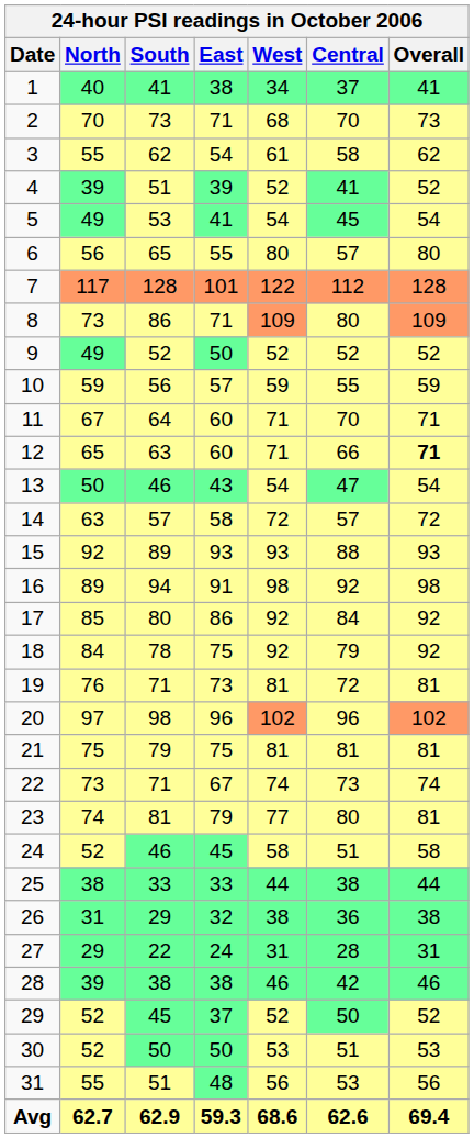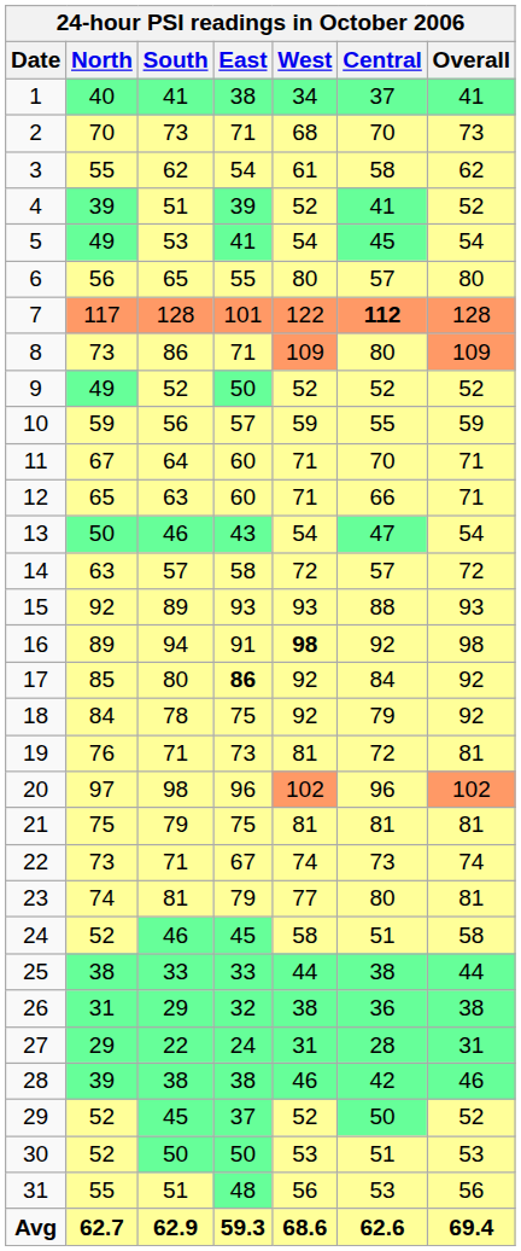 <table class="wikitable">
 <tr>
 <th colspan=7>24-hour PSI readings in October 2006</th>
 </tr>
 <tr>
 <th>Date</th>
 <th><a href='#'>North</a></th>
 <th><a href='#'>South</a></th>
 <th><a href='#'>East</a></th>
 <th><a href='#'>West</a></th>
 <th><a href='#'>Central</a></th>
 <th>Overall</th>
 </tr>
 <tr>
 <td align=center>1</td>
 <td style="text-align:center; background:#6f9;">40</td>
 <td style="text-align:center; background:#6f9;">41</td>
 <td style="text-align:center; background:#6f9;">38</td>
 <td style="text-align:center; background:#6f9;">34</td>
 <td style="text-align:center; background:#6f9;">37</td>
 <td style="text-align:center; background:#6f9;">41</td>
 </tr>
 <tr>
 <td align=center>2</td>
 <td style="text-align:center; background:#ff9;">70</td>
 <td style="text-align:center; background:#ff9;">73</td>
 <td style="text-align:center; background:#ff9;">71</td>
 <td style="text-align:center; background:#ff9;">68</td>
 <td style="text-align:center; background:#ff9;">70</td>
 <td style="text-align:center; background:#ff9;">73</td>
 </tr>
 <tr>
 <td align=center>3</td>
 <td style="text-align:center; background:#ff9;">55</td>
 <td style="text-align:center; background:#ff9;">62</td>
 <td style="text-align:center; background:#ff9;">54</td>
 <td style="text-align:center; background:#ff9;">61</td>
 <td style="text-align:center; background:#ff9;">58</td>
 <td style="text-align:center; background:#ff9;">62</td>
 </tr>
 <tr>
 <td align=center>4</td>
 <td style="text-align:center; background:#6f9;">39</td>
 <td style="text-align:center; background:#ff9;">51</td>
 <td style="text-align:center; background:#6f9;">39</td>
 <td style="text-align:center; background:#ff9;">52</td>
 <td style="text-align:center; background:#6f9;">41</td>
 <td style="text-align:center; background:#ff9;">52</td>
 </tr>
 <tr>
 <td align=center>5</td>
 <td style="text-align:center; background:#6f9;">49</td>
 <td style="text-align:center; background:#ff9;">53</td>
 <td style="text-align:center; background:#6f9;">41</td>
 <td style="text-align:center; background:#ff9;">54</td>
 <td style="text-align:center; background:#6f9;">45</td>
 <td style="text-align:center; background:#ff9;">54</td>
 </tr>
 <tr>
 <td align=center>6</td>
 <td style="text-align:center; background:#ff9;">56</td>
 <td style="text-align:center; background:#ff9;">65</td>
 <td style="text-align:center; background:#ff9;">55</td>
 <td style="text-align:center; background:#ff9;">80</td>
 <td style="text-align:center; background:#ff9;">57</td>
 <td style="text-align:center; background:#ff9;">80</td>
 </tr>
 <tr>
 <td align=center>7</td>
 <td style="text-align:center; background:#f96;">117</td>
 <td style="text-align:center; background:#f96;">128</td>
 <td style="text-align:center; background:#f96;">101</td>
 <td style="text-align:center; background:#f96;">122</td>
-<td style="text-align:center; background:#f96;">112</td>
+<td style="text-align:center; background:#f96;"><strong>112</strong></td>
 <td style="text-align:center; background:#f96;">128</td>
 </tr>
 <tr>
 <td align=center>8</td>
 <td style="text-align:center; background:#ff9;">73</td>
 <td style="text-align:center; background:#ff9;">86</td>
 <td style="text-align:center; background:#ff9;">71</td>
 <td style="text-align:center; background:#f96;">109</td>
 <td style="text-align:center; background:#ff9;">80</td>
 <td style="text-align:center; background:#f96;">109</td>
 </tr>
 <tr>
 <td align=center>9</td>
 <td style="text-align:center; background:#6f9;">49</td>
 <td style="text-align:center; background:#ff9;">52</td>
 <td style="text-align:center; background:#6f9;">50</td>
 <td style="text-align:center; background:#ff9;">52</td>
 <td style="text-align:center; background:#ff9;">52</td>
 <td style="text-align:center; background:#ff9;">52</td>
 </tr>
 <tr>
 <td align=center>10</td>
 <td style="text-align:center; background:#ff9;">59</td>
 <td style="text-align:center; background:#ff9;">56</td>
 <td style="text-align:center; background:#ff9;">57</td>
 <td style="text-align:center; background:#ff9;">59</td>
 <td style="text-align:center; background:#ff9;">55</td>
 <td style="text-align:center; background:#ff9;">59</td>
 </tr>
 <tr>
 <td align=center>11</td>
 <td style="text-align:center; background:#ff9;">67</td>
 <td style="text-align:center; background:#ff9;">64</td>
 <td style="text-align:center; background:#ff9;">60</td>
 <td style="text-align:center; background:#ff9;">71</td>
 <td style="text-align:center; background:#ff9;">70</td>
 <td style="text-align:center; background:#ff9;">71</td>
 </tr>
 <tr>
 <td align=center>12</td>
 <td style="text-align:center; background:#ff9;">65</td>
 <td style="text-align:center; background:#ff9;">63</td>
 <td style="text-align:center; background:#ff9;">60</td>
 <td style="text-align:center; background:#ff9;">71</td>
 <td style="text-align:center; background:#ff9;">66</td>
-<td style="text-align:center; background:#ff9;"><strong>71</strong></td>
+<td style="text-align:center; background:#ff9;">71</td>
 </tr>
 <tr>
 <td align=center>13</td>
 <td style="text-align:center; background:#6f9;">50</td>
 <td style="text-align:center; background:#6f9;">46</td>
 <td style="text-align:center; background:#6f9;">43</td>
 <td style="text-align:center; background:#ff9;">54</td>
 <td style="text-align:center; background:#6f9;">47</td>
 <td style="text-align:center; background:#ff9;">54</td>
 </tr>
 <tr>
 <td align=center>14</td>
 <td style="text-align:center; background:#ff9;">63</td>
 <td style="text-align:center; background:#ff9;">57</td>
 <td style="text-align:center; background:#ff9;">58</td>
 <td style="text-align:center; background:#ff9;">72</td>
 <td style="text-align:center; background:#ff9;">57</td>
 <td style="text-align:center; background:#ff9;">72</td>
 </tr>
 <tr>
 <td align=center>15</td>
 <td style="text-align:center; background:#ff9;">92</td>
 <td style="text-align:center; background:#ff9;">89</td>
 <td style="text-align:center; background:#ff9;">93</td>
 <td style="text-align:center; background:#ff9;">93</td>
 <td style="text-align:center; background:#ff9;">88</td>
 <td style="text-align:center; background:#ff9;">93</td>
 </tr>
 <tr>
 <td align=center>16</td>
 <td style="text-align:center; background:#ff9;">89</td>
 <td style="text-align:center; background:#ff9;">94</td>
 <td style="text-align:center; background:#ff9;">91</td>
-<td style="text-align:center; background:#ff9;">98</td>
+<td style="text-align:center; background:#ff9;"><strong>98</strong></td>
 <td style="text-align:center; background:#ff9;">92</td>
 <td style="text-align:center; background:#ff9;">98</td>
 </tr>
 <tr>
 <td align=center>17</td>
 <td style="text-align:center; background:#ff9;">85</td>
 <td style="text-align:center; background:#ff9;">80</td>
-<td style="text-align:center; background:#ff9;">86</td>
+<td style="text-align:center; background:#ff9;"><strong>86</strong></td>
 <td style="text-align:center; background:#ff9;">92</td>
 <td style="text-align:center; background:#ff9;">84</td>
 <td style="text-align:center; background:#ff9;">92</td>
 </tr>
 <tr>
 <td align=center>18</td>
 <td style="text-align:center; background:#ff9;">84</td>
 <td style="text-align:center; background:#ff9;">78</td>
 <td style="text-align:center; background:#ff9;">75</td>
 <td style="text-align:center; background:#ff9;">92</td>
 <td style="text-align:center; background:#ff9;">79</td>
 <td style="text-align:center; background:#ff9;">92</td>
 </tr>
 <tr>
 <td align=center>19</td>
 <td style="text-align:center; background:#ff9;">76</td>
 <td style="text-align:center; background:#ff9;">71</td>
 <td style="text-align:center; background:#ff9;">73</td>
 <td style="text-align:center; background:#ff9;">81</td>
 <td style="text-align:center; background:#ff9;">72</td>
 <td style="text-align:center; background:#ff9;">81</td>
 </tr>
 <tr>
 <td align=center>20</td>
 <td style="text-align:center; background:#ff9;">97</td>
 <td style="text-align:center; background:#ff9;">98</td>
 <td style="text-align:center; background:#ff9;">96</td>
 <td style="text-align:center; background:#f96;">102</td>
 <td style="text-align:center; background:#ff9;">96</td>
 <td style="text-align:center; background:#f96;">102</td>
 </tr>
 <tr>
 <td align=center>21</td>
 <td style="text-align:center; background:#ff9;">75</td>
 <td style="text-align:center; background:#ff9;">79</td>
 <td style="text-align:center; background:#ff9;">75</td>
 <td style="text-align:center; background:#ff9;">81</td>
 <td style="text-align:center; background:#ff9;">81</td>
 <td style="text-align:center; background:#ff9;">81</td>
 </tr>
 <tr>
 <td align=center>22</td>
 <td style="text-align:center; background:#ff9;">73</td>
 <td style="text-align:center; background:#ff9;">71</td>
 <td style="text-align:center; background:#ff9;">67</td>
 <td style="text-align:center; background:#ff9;">74</td>
 <td style="text-align:center; background:#ff9;">73</td>
 <td style="text-align:center; background:#ff9;">74</td>
 </tr>
 <tr>
 <td align=center>23</td>
 <td style="text-align:center; background:#ff9;">74</td>
 <td style="text-align:center; background:#ff9;">81</td>
 <td style="text-align:center; background:#ff9;">79</td>
 <td style="text-align:center; background:#ff9;">77</td>
 <td style="text-align:center; background:#ff9;">80</td>
 <td style="text-align:center; background:#ff9;">81</td>
 </tr>
 <tr>
 <td align=center>24</td>
 <td style="text-align:center; background:#ff9;">52</td>
 <td style="text-align:center; background:#6f9;">46</td>
 <td style="text-align:center; background:#6f9;">45</td>
 <td style="text-align:center; background:#ff9;">58</td>
 <td style="text-align:center; background:#ff9;">51</td>
 <td style="text-align:center; background:#ff9;">58</td>
 </tr>
 <tr>
 <td align=center>25</td>
 <td style="text-align:center; background:#6f9;">38</td>
 <td style="text-align:center; background:#6f9;">33</td>
 <td style="text-align:center; background:#6f9;">33</td>
 <td style="text-align:center; background:#6f9;">44</td>
 <td style="text-align:center; background:#6f9;">38</td>
 <td style="text-align:center; background:#6f9;">44</td>
 </tr>
 <tr>
 <td align=center>26</td>
 <td style="text-align:center; background:#6f9;">31</td>
 <td style="text-align:center; background:#6f9;">29</td>
 <td style="text-align:center; background:#6f9;">32</td>
 <td style="text-align:center; background:#6f9;">38</td>
 <td style="text-align:center; background:#6f9;">36</td>
 <td style="text-align:center; background:#6f9;">38</td>
 </tr>
 <tr>
 <td align=center>27</td>
 <td style="text-align:center; background:#6f9;">29</td>
 <td style="text-align:center; background:#6f9;">22</td>
 <td style="text-align:center; background:#6f9;">24</td>
 <td style="text-align:center; background:#6f9;">31</td>
 <td style="text-align:center; background:#6f9;">28</td>
 <td style="text-align:center; background:#6f9;">31</td>
 </tr>
 <tr>
 <td align=center>28</td>
 <td style="text-align:center; background:#6f9;">39</td>
 <td style="text-align:center; background:#6f9;">38</td>
 <td style="text-align:center; background:#6f9;">38</td>
 <td style="text-align:center; background:#6f9;">46</td>
 <td style="text-align:center; background:#6f9;">42</td>
 <td style="text-align:center; background:#6f9;">46</td>
 </tr>
 <tr>
 <td align=center>29</td>
 <td style="text-align:center; background:#ff9;">52</td>
 <td style="text-align:center; background:#6f9;">45</td>
 <td style="text-align:center; background:#6f9;">37</td>
 <td style="text-align:center; background:#ff9;">52</td>
 <td style="text-align:center; background:#6f9;">50</td>
 <td style="text-align:center; background:#ff9;">52</td>
 </tr>
 <tr>
 <td align=center>30</td>
 <td style="text-align:center; background:#ff9;">52</td>
 <td style="text-align:center; background:#6f9;">50</td>
 <td style="text-align:center; background:#6f9;">50</td>
 <td style="text-align:center; background:#ff9;">53</td>
 <td style="text-align:center; background:#ff9;">51</td>
 <td style="text-align:center; background:#ff9;">53</td>
 </tr>
 <tr>
 <td align=center>31</td>
 <td style="text-align:center; background:#ff9;">55</td>
 <td style="text-align:center; background:#ff9;">51</td>
 <td style="text-align:center; background:#6f9;">48</td>
 <td style="text-align:center; background:#ff9;">56</td>
 <td style="text-align:center; background:#ff9;">53</td>
 <td style="text-align:center; background:#ff9;">56</td>
 </tr>
 <tr>
 <td align=center><strong>Avg</strong></td>
 <td style="text-align:center; background:#ff9;"><strong>62.7</strong></td>
 <td style="text-align:center; background:#ff9;"><strong>62.9</strong></td>
 <td style="text-align:center; background:#ff9;"><strong>59.3</strong></td>
 <td style="text-align:center; background:#ff9;"><strong>68.6</strong></td>
 <td style="text-align:center; background:#ff9;"><strong>62.6</strong></td>
 <td style="text-align:center; background:#ff9;"><strong>69.4</strong></td>
 </tr>
 </table>
